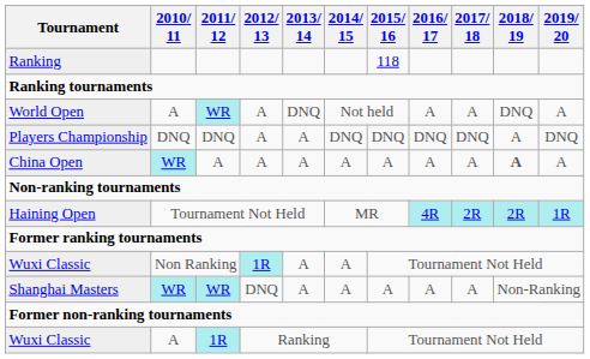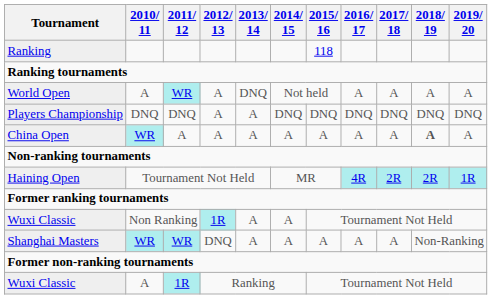 <table class="wikitable"  style="font-size:85%;">
 <tr>
 <th>Tournament</th>
 <th><a href='#'>2010/<br>11</a></th>
 <th><a href='#'>2011/<br>12</a></th>
 <th><a href='#'>2012/<br>13</a></th>
 <th><a href='#'>2013/<br>14</a></th>
 <th><a href='#'>2014/<br>15</a></th>
 <th><a href='#'>2015/<br>16</a></th>
 <th><a href='#'>2016/<br>17</a></th>
 <th><a href='#'>2017/<br>18</a></th>
 <th><a href='#'>2018/<br>19</a></th>
 <th><a href='#'>2019/<br>20</a></th>
 </tr>
 <tr>
 <td style="background:#EFEFEF;"><a href='#'>Ranking</a></td>
 <td style="text-align:center;"></td>
 <td style="text-align:center;"></td>
 <td style="text-align:center;"></td>
 <td style="text-align:center;"></td>
 <td style="text-align:center;"></td>
 <td style="text-align:center;"><a href='#'>118</a></td>
 <td align="center"></td>
 <td style="text-align:center;"></td>
 <td style="text-align:center;"></td>
 <td style="text-align:center;"></td>
 </tr>
 <tr>
 <td colspan="15"><strong>Ranking tournaments</strong></td>
 </tr>
 <tr>
 <td style="background:#EFEFEF;"><a href='#'>World Open</a></td>
 <td align="center" style="color:#555555;">A</td>
 <td align="center" style="background:#afeeee;"><a href='#'>WR</a></td>
 <td align="center" style="color:#555555;">A</td>
 <td align="center" style="color:#555555;">DNQ</td>
 <td colspan="2" align="center" style="color:#555555;">Not held</td>
 <td align="center" style="color:#555555;">A</td>
 <td align="center" style="color:#555555;">A</td>
-<td align="center" style="color:#555555;">DNQ</td>
+<td align="center" style="color:#555555;">A</td>
 <td align="center" style="color:#555555;">A</td>
 </tr>
 <tr>
 <td style="background:#EFEFEF;"><a href='#'>Players Championship</a></td>
 <td align="center" style="color:#555555;">DNQ</td>
 <td align="center" style="color:#555555;">DNQ</td>
 <td align="center" style="color:#555555;">A</td>
 <td align="center" style="color:#555555;">A</td>
 <td align="center" style="color:#555555;">DNQ</td>
 <td align="center" style="color:#555555;">DNQ</td>
 <td align="center" style="color:#555555;">DNQ</td>
 <td align="center" style="color:#555555;">DNQ</td>
-<td align="center" style="color:#555555;">A</td>
+<td align="center" style="color:#555555;">DNQ</td>
 <td align="center" style="color:#555555;">DNQ</td>
 </tr>
 <tr>
 <td style="background:#EFEFEF;"><a href='#'>China Open</a></td>
 <td align="center" style="background:#afeeee;"><a href='#'>WR</a></td>
 <td align="center" style="color:#555555;">A</td>
 <td align="center" style="color:#555555;">A</td>
 <td align="center" style="color:#555555;">A</td>
 <td align="center" style="color:#555555;">A</td>
 <td align="center" style="color:#555555;">A</td>
 <td align="center" style="color:#555555;">A</td>
 <td align="center" style="color:#555555;">A</td>
 <td align="center" style="color:#555555;"><strong>A</strong></td>
 <td align="center" style="color:#555555;">A</td>
 </tr>
 <tr>
 <td colspan="15"><strong>Non-ranking tournaments</strong></td>
 </tr>
 <tr>
 <td style="background:#EFEFEF;"><a href='#'>Haining Open</a></td>
 <td align="center" colspan="4" style="color:#555555;">Tournament Not Held</td>
 <td align="center" colspan="2" style="color:#555555;">MR</td>
 <td align="center" style="background:#afeeee;"><a href='#'>4R</a></td>
 <td align="center" style="background:#afeeee;"><a href='#'>2R</a></td>
 <td align="center" style="background:#afeeee;"><a href='#'>2R</a></td>
 <td align="center" style="background:#afeeee;"><a href='#'>1R</a></td>
 </tr>
 <tr>
 <td colspan="15"><strong>Former ranking tournaments</strong></td>
 </tr>
 <tr>
 <td style="background:#EFEFEF;"><a href='#'>Wuxi Classic</a></td>
 <td align="center" colspan="2" style="color:#555555;">Non Ranking</td>
 <td align="center" style="background:#afeeee;"><a href='#'>1R</a></td>
 <td align="center" style="color:#555555;">A</td>
 <td align="center" style="color:#555555;">A</td>
 <td colspan="10"  align="center" style="color:#555555;">Tournament Not Held</td>
 </tr>
 <tr>
 <td style="background:#EFEFEF;"><a href='#'>Shanghai Masters</a></td>
 <td align="center" style="background:#afeeee;"><a href='#'>WR</a></td>
 <td align="center" style="background:#afeeee;"><a href='#'>WR</a></td>
 <td align="center" style="color:#555555;">DNQ</td>
 <td align="center" style="color:#555555;">A</td>
 <td align="center" style="color:#555555;">A</td>
 <td align="center" style="color:#555555;">A</td>
 <td align="center" style="color:#555555;">A</td>
 <td align="center" style="color:#555555;">A</td>
 <td colspan="2"  align="center" style="color:#555555;">Non-Ranking</td>
 </tr>
 <tr>
 <td colspan="15"><strong>Former non-ranking tournaments</strong></td>
 </tr>
 <tr>
 <td style="background:#EFEFEF;"><a href='#'>Wuxi Classic</a></td>
 <td align="center" style="color:#555555;">A</td>
 <td align="center" style="background:#afeeee;"><a href='#'>1R</a></td>
 <td align="center" colspan="3" style="color:#555555;">Ranking</td>
 <td colspan="10"  align="center" style="color:#555555;">Tournament Not Held</td>
 </tr>
 </table>
